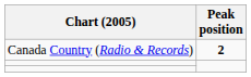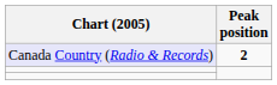 <table class="wikitable sortable">
 <tr>
 <th align="left">Chart (2005)</th>
 <th align="center">Peak<br>position</th>
 </tr>
 <tr>
-<td align="left">Canada <a href='#'>Country</a> (<em><a href='#'>Radio & Records</a></em>)</td>
+<td align="left" style="background: lavender;">Canada <a href='#'>Country</a> (<em><a href='#'>Radio & Records</a></em>)</td>
 <td align="center"><strong>2</strong></td>
 </tr>
 <tr>
 <td></td>
 </tr>
 <tr>
 <td></td>
 </tr>
 </table>
